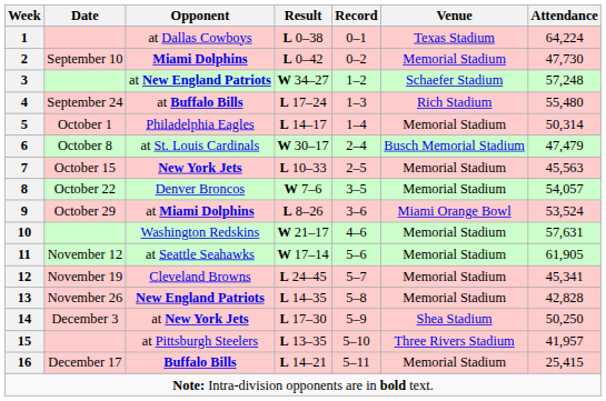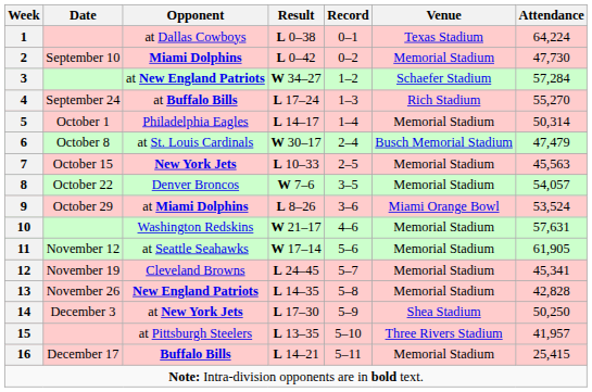 <table class="wikitable" style="text-align:center">
 <tr>
 <th>Week</th>
 <th>Date</th>
 <th>Opponent</th>
 <th>Result</th>
 <th>Record</th>
 <th>Venue</th>
 <th>Attendance</th>
 </tr>
 <tr style="background:#fcc">
 <th>1</th>
 <td></td>
 <td>at <a href='#'>Dallas Cowboys</a></td>
 <td><strong>L</strong> 0–38</td>
 <td>0–1</td>
 <td><a href='#'>Texas Stadium</a></td>
 <td>64,224</td>
 </tr>
 <tr style="background:#fcc">
 <th>2</th>
 <td>September 10</td>
 <td><strong><a href='#'>Miami Dolphins</a></strong></td>
 <td><strong>L</strong> 0–42</td>
 <td>0–2</td>
 <td><a href='#'>Memorial Stadium</a></td>
 <td>47,730</td>
 </tr>
 <tr style="background:#cfc">
 <th>3</th>
 <td></td>
 <td>at <strong><a href='#'>New England Patriots</a></strong></td>
 <td><strong>W</strong> 34–27</td>
 <td>1–2</td>
 <td><a href='#'>Schaefer Stadium</a></td>
-<td>57,248</td>
+<td>57,284</td>
 </tr>
 <tr style="background:#fcc">
 <th>4</th>
 <td>September 24</td>
 <td>at <strong><a href='#'>Buffalo Bills</a></strong></td>
 <td><strong>L</strong> 17–24</td>
 <td>1–3</td>
 <td><a href='#'>Rich Stadium</a></td>
-<td>55,480</td>
+<td>55,270</td>
 </tr>
 <tr style="background:#fcc">
 <th>5</th>
 <td>October 1</td>
 <td><a href='#'>Philadelphia Eagles</a></td>
 <td><strong>L</strong> 14–17</td>
 <td>1–4</td>
 <td>Memorial Stadium</td>
 <td>50,314</td>
 </tr>
 <tr style="background:#cfc">
 <th>6</th>
 <td>October 8</td>
 <td>at <a href='#'>St. Louis Cardinals</a></td>
 <td><strong>W</strong> 30–17</td>
 <td>2–4</td>
 <td><a href='#'>Busch Memorial Stadium</a></td>
 <td>47,479</td>
 </tr>
 <tr style="background:#fcc">
 <th>7</th>
 <td>October 15</td>
 <td><strong><a href='#'>New York Jets</a></strong></td>
 <td><strong>L</strong> 10–33</td>
 <td>2–5</td>
 <td>Memorial Stadium</td>
 <td>45,563</td>
 </tr>
 <tr style="background:#cfc">
 <th>8</th>
 <td>October 22</td>
 <td><a href='#'>Denver Broncos</a></td>
 <td><strong>W</strong> 7–6</td>
 <td>3–5</td>
 <td>Memorial Stadium</td>
 <td>54,057</td>
 </tr>
 <tr style="background:#fcc">
 <th>9</th>
 <td>October 29</td>
 <td>at <strong><a href='#'>Miami Dolphins</a></strong></td>
 <td><strong>L</strong> 8–26</td>
 <td>3–6</td>
 <td><a href='#'>Miami Orange Bowl</a></td>
 <td>53,524</td>
 </tr>
 <tr style="background:#cfc">
 <th>10</th>
 <td></td>
 <td><a href='#'>Washington Redskins</a></td>
 <td><strong>W</strong> 21–17</td>
 <td>4–6</td>
 <td>Memorial Stadium</td>
 <td>57,631</td>
 </tr>
 <tr style="background:#cfc">
 <th>11</th>
 <td>November 12</td>
 <td>at <a href='#'>Seattle Seahawks</a></td>
 <td><strong>W</strong> 17–14</td>
 <td>5–6</td>
 <td>Memorial Stadium</td>
 <td>61,905</td>
 </tr>
 <tr style="background:#fcc">
 <th>12</th>
 <td>November 19</td>
 <td><a href='#'>Cleveland Browns</a></td>
 <td><strong>L</strong> 24–45</td>
 <td>5–7</td>
 <td>Memorial Stadium</td>
 <td>45,341</td>
 </tr>
 <tr style="background:#fcc">
 <th>13</th>
 <td>November 26</td>
 <td><strong><a href='#'>New England Patriots</a></strong></td>
 <td><strong>L</strong> 14–35</td>
 <td>5–8</td>
 <td>Memorial Stadium</td>
 <td>42,828</td>
 </tr>
 <tr style="background:#fcc">
 <th>14</th>
 <td>December 3</td>
 <td>at <strong><a href='#'>New York Jets</a></strong></td>
 <td><strong>L</strong> 17–30</td>
 <td>5–9</td>
 <td><a href='#'>Shea Stadium</a></td>
 <td>50,250</td>
 </tr>
 <tr style="background:#fcc">
 <th>15</th>
 <td></td>
 <td>at <a href='#'>Pittsburgh Steelers</a></td>
 <td><strong>L</strong> 13–35</td>
 <td>5–10</td>
 <td><a href='#'>Three Rivers Stadium</a></td>
 <td>41,957</td>
 </tr>
 <tr style="background:#fcc">
 <th>16</th>
 <td>December 17</td>
 <td><a href='#'><strong>Buffalo Bills</strong></a></td>
 <td><strong>L</strong> 14–21</td>
 <td>5–11</td>
 <td>Memorial Stadium</td>
 <td>25,415</td>
 </tr>
 <tr>
 <td colspan="8"><strong>Note:</strong> Intra-division opponents are in <strong>bold</strong> text.</td>
 </tr>
 </table>
